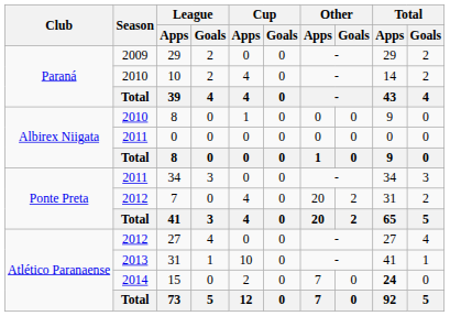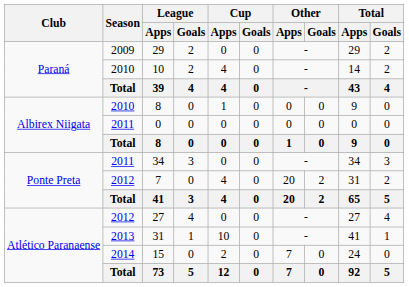 <table class="wikitable" style="text-align:center">
 <tr>
 <th rowspan="2">Club</th>
 <th rowspan="2">Season</th>
 <th colspan="2">League</th>
 <th colspan="2">Cup</th>
 <th colspan="2">Other</th>
 <th colspan="2">Total</th>
 </tr>
 <tr>
 <th>Apps</th>
 <th>Goals</th>
 <th>Apps</th>
 <th>Goals</th>
 <th>Apps</th>
 <th>Goals</th>
 <th>Apps</th>
 <th>Goals</th>
 </tr>
 <tr>
 <td rowspan="3"><a href='#'>Paraná</a></td>
 <td>2009</td>
 <td>29</td>
 <td>2</td>
 <td>0</td>
 <td>0</td>
 <td colspan="2">-</td>
 <td>29</td>
 <td>2</td>
 </tr>
 <tr>
 <td>2010</td>
 <td>10</td>
 <td>2</td>
 <td>4</td>
 <td>0</td>
 <td colspan="2">-</td>
 <td>14</td>
 <td>2</td>
 </tr>
 <tr>
 <th>Total</th>
 <th>39</th>
 <th>4</th>
 <th>4</th>
 <th>0</th>
 <th colspan="2">-</th>
 <th>43</th>
 <th>4</th>
 </tr>
 <tr>
 <td rowspan="3"><a href='#'>Albirex Niigata</a></td>
 <td><a href='#'>2010</a></td>
 <td>8</td>
 <td>0</td>
 <td>1</td>
 <td>0</td>
 <td>0</td>
 <td>0</td>
 <td>9</td>
 <td>0</td>
 </tr>
 <tr>
 <td><a href='#'>2011</a></td>
 <td>0</td>
 <td>0</td>
 <td>0</td>
 <td>0</td>
 <td>0</td>
 <td>0</td>
 <td>0</td>
 <td>0</td>
 </tr>
 <tr>
 <th>Total</th>
 <th>8</th>
 <th>0</th>
 <th>0</th>
 <th>0</th>
 <th>1</th>
 <th>0</th>
 <th>9</th>
 <th>0</th>
 </tr>
 <tr>
 <td rowspan="3"><a href='#'>Ponte Preta</a></td>
 <td><a href='#'>2011</a></td>
 <td>34</td>
 <td>3</td>
 <td>0</td>
 <td>0</td>
 <td colspan="2">-</td>
 <td>34</td>
 <td>3</td>
 </tr>
 <tr>
 <td><a href='#'>2012</a></td>
 <td>7</td>
 <td>0</td>
 <td>4</td>
 <td>0</td>
 <td>20</td>
 <td>2</td>
 <td>31</td>
 <td>2</td>
 </tr>
 <tr>
 <th>Total</th>
 <th>41</th>
 <th>3</th>
 <th>4</th>
 <th>0</th>
 <th>20</th>
 <th>2</th>
 <th>65</th>
 <th>5</th>
 </tr>
 <tr>
 <td rowspan="4"><a href='#'>Atlético Paranaense</a></td>
 <td><a href='#'>2012</a></td>
 <td>27</td>
 <td>4</td>
 <td>0</td>
 <td>0</td>
 <td colspan="2">-</td>
 <td>27</td>
 <td>4</td>
 </tr>
 <tr>
 <td><a href='#'>2013</a></td>
 <td>31</td>
 <td>1</td>
 <td>10</td>
 <td>0</td>
 <td colspan="2">-</td>
 <td>41</td>
 <td>1</td>
 </tr>
 <tr>
 <td><a href='#'>2014</a></td>
 <td>15</td>
 <td>0</td>
 <td>2</td>
 <td>0</td>
 <td>7</td>
 <td>0</td>
-<td><strong>24</strong></td>
+<td>24</td>
 <td>0</td>
 </tr>
 <tr>
 <th>Total</th>
 <th>73</th>
 <th>5</th>
 <th>12</th>
 <th>0</th>
 <th>7</th>
 <th>0</th>
 <th>92</th>
 <th>5</th>
 </tr>
 </table>
